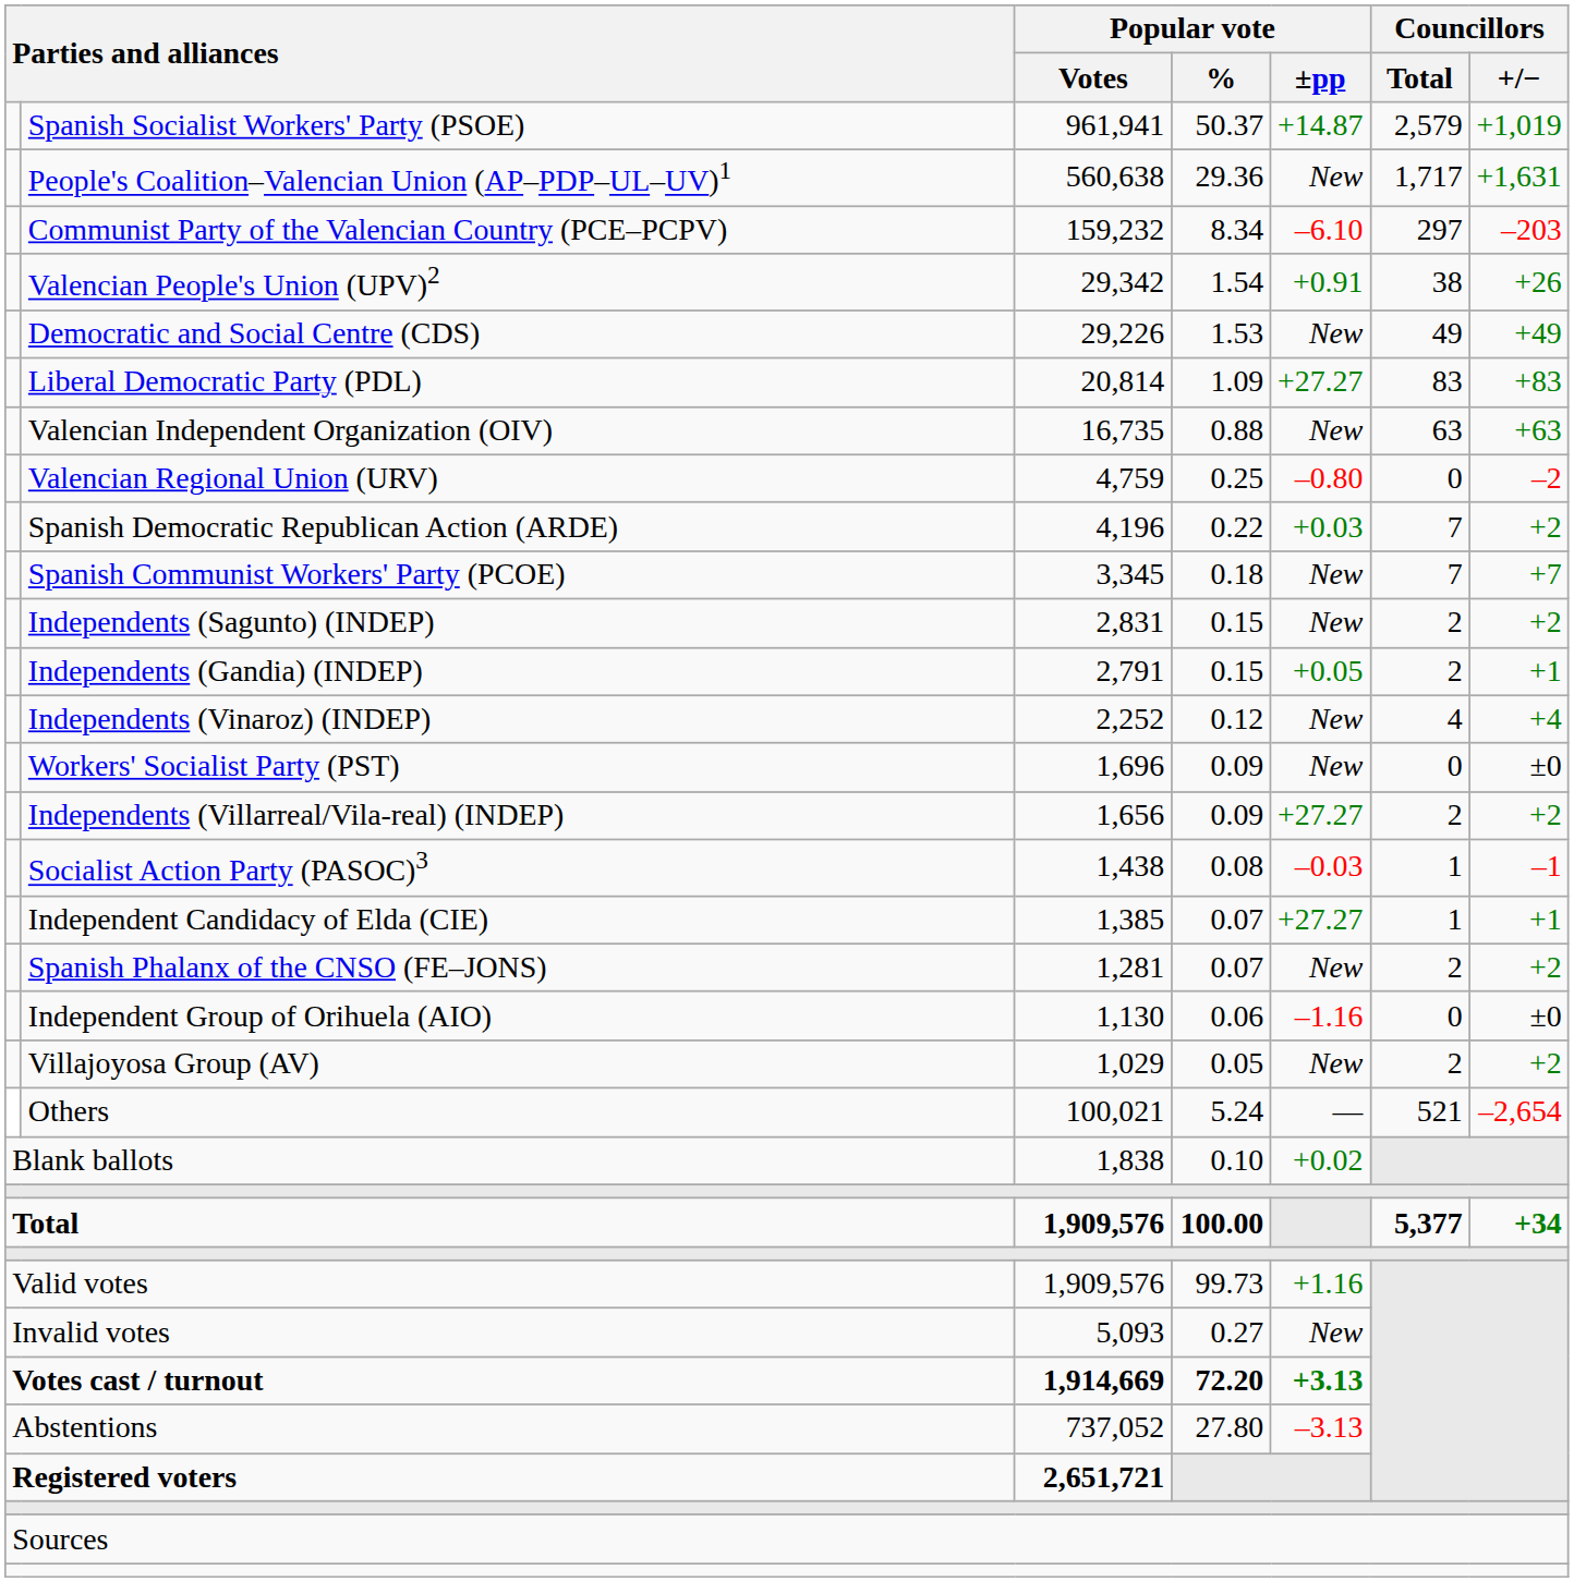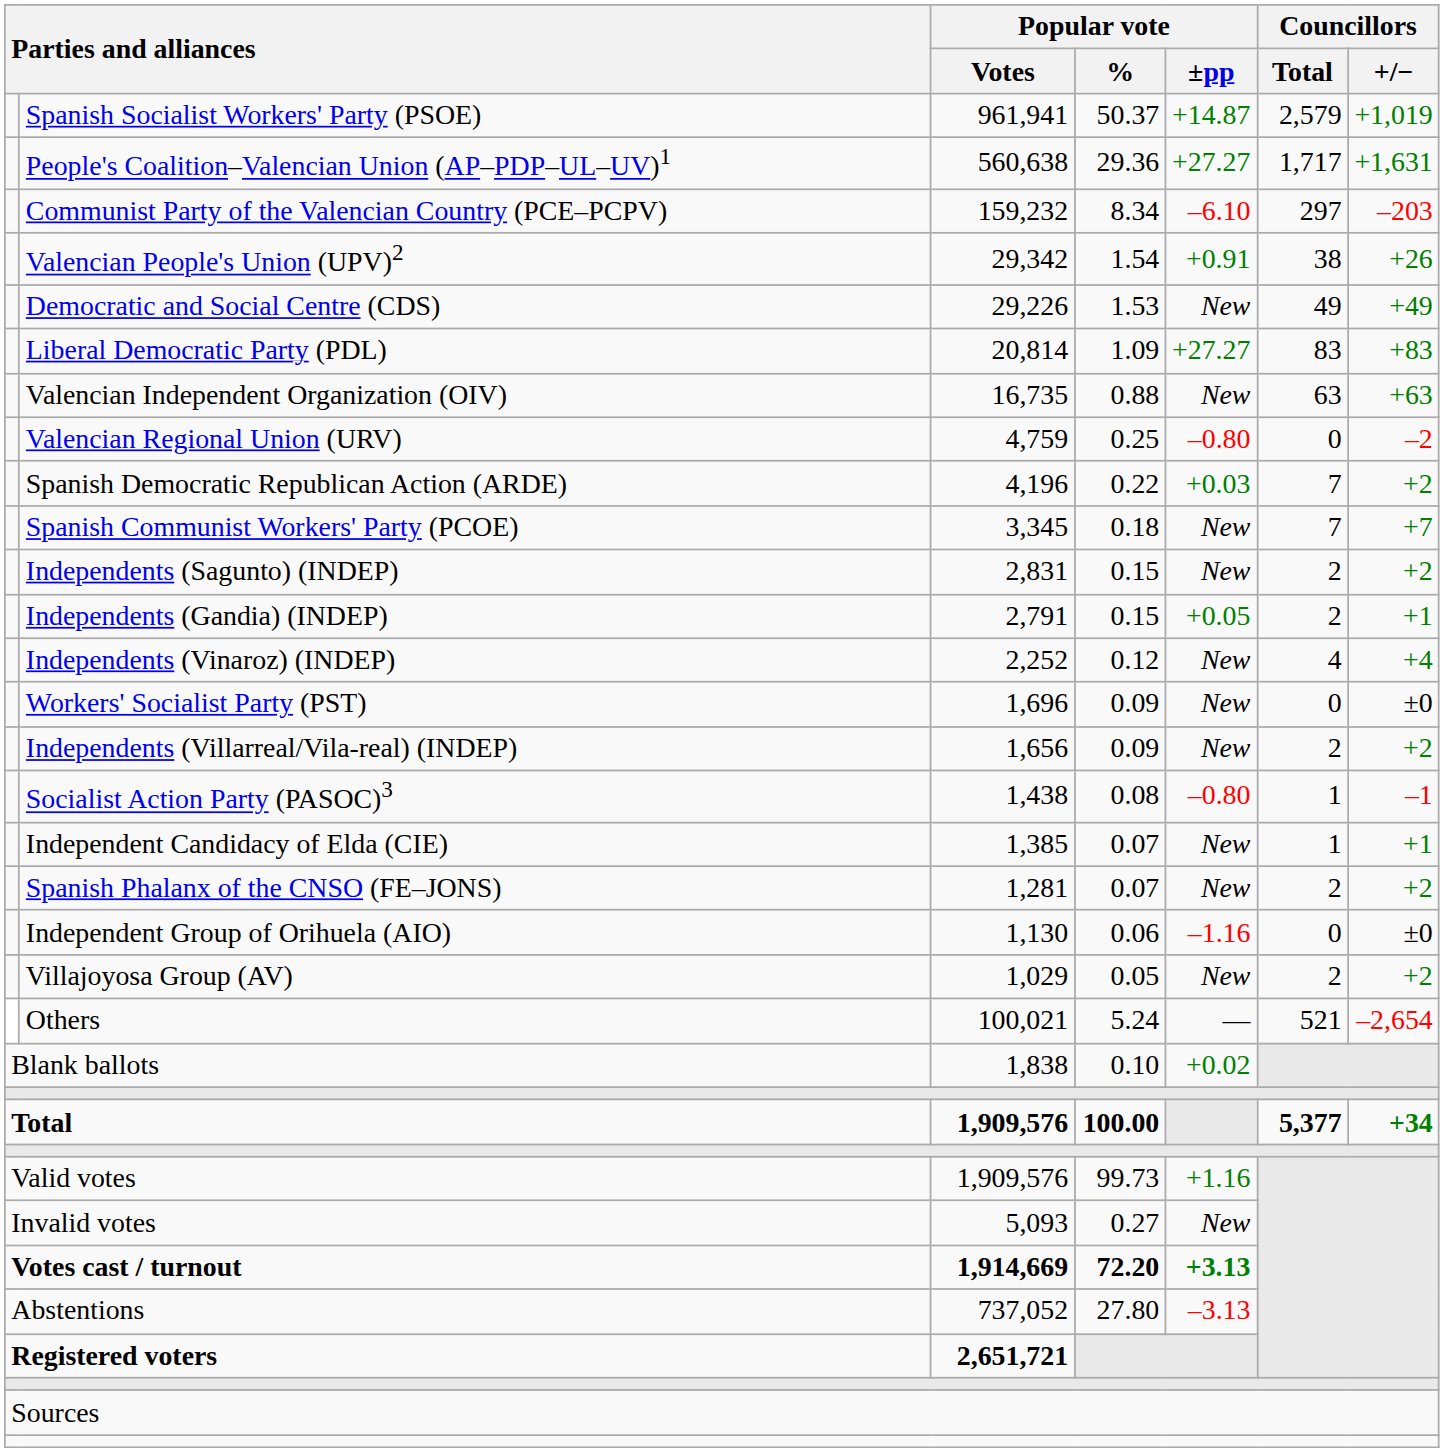 <table class="wikitable" style="text-align:right;">
 <tr>
 <th style="text-align:left;" rowspan="2" colspan="2" width="525">Parties and alliances</th>
 <th colspan="3">Popular vote</th>
 <th colspan="2">Councillors</th>
 </tr>
 <tr>
 <th width="75">Votes</th>
 <th width="45">%</th>
 <th width="45">±<a href='#'>pp</a></th>
 <th width="45">Total</th>
 <th width="45">+/−</th>
 </tr>
 <tr>
 <td width="1" style="color:inherit;background:"></td>
 <td align="left"><a href='#'>Spanish Socialist Workers' Party</a> (PSOE)</td>
 <td>961,941</td>
 <td>50.37</td>
 <td style="color:green;">+14.87</td>
 <td>2,579</td>
 <td style="color:green;">+1,019</td>
 </tr>
 <tr>
 <td style="color:inherit;background:"></td>
 <td align="left"><a href='#'>People's Coalition</a>–<a href='#'>Valencian Union</a> (<a href='#'>AP</a>–<a href='#'>PDP</a>–<a href='#'>UL</a>–<a href='#'>UV</a>)<sup>1</sup></td>
 <td>560,638</td>
 <td>29.36</td>
-<td><em>New</em></td>
+<td style="color:green;">+27.27</td>
 <td>1,717</td>
 <td style="color:green;">+1,631</td>
 </tr>
 <tr>
 <td style="color:inherit;background:"></td>
 <td align="left"><a href='#'>Communist Party of the Valencian Country</a> (PCE–PCPV)</td>
 <td>159,232</td>
 <td>8.34</td>
 <td style="color:red;">–6.10</td>
 <td>297</td>
 <td style="color:red;">–203</td>
 </tr>
 <tr>
 <td style="color:inherit;background:"></td>
 <td align="left"><a href='#'>Valencian People's Union</a> (UPV)<sup>2</sup></td>
 <td>29,342</td>
 <td>1.54</td>
 <td style="color:green;">+0.91</td>
 <td>38</td>
 <td style="color:green;">+26</td>
 </tr>
 <tr>
 <td style="color:inherit;background:"></td>
 <td align="left"><a href='#'>Democratic and Social Centre</a> (CDS)</td>
 <td>29,226</td>
 <td>1.53</td>
 <td><em>New</em></td>
 <td>49</td>
 <td style="color:green;">+49</td>
 </tr>
 <tr>
 <td style="color:inherit;background:"></td>
 <td align="left"><a href='#'>Liberal Democratic Party</a> (PDL)</td>
 <td>20,814</td>
 <td>1.09</td>
 <td style="color:green;">+27.27</td>
 <td>83</td>
 <td style="color:green;">+83</td>
 </tr>
 <tr>
 <td style="color:inherit;background:"></td>
 <td align="left">Valencian Independent Organization (OIV)</td>
 <td>16,735</td>
 <td>0.88</td>
 <td><em>New</em></td>
 <td>63</td>
 <td style="color:green;">+63</td>
 </tr>
 <tr>
 <td style="color:inherit;background:"></td>
 <td align="left"><a href='#'>Valencian Regional Union</a> (URV)</td>
 <td>4,759</td>
 <td>0.25</td>
 <td style="color:red;">–0.80</td>
 <td>0</td>
 <td style="color:red;">–2</td>
 </tr>
 <tr>
 <td style="color:inherit;background:"></td>
 <td align="left">Spanish Democratic Republican Action (ARDE)</td>
 <td>4,196</td>
 <td>0.22</td>
 <td style="color:green;">+0.03</td>
 <td>7</td>
 <td style="color:green;">+2</td>
 </tr>
 <tr>
 <td style="color:inherit;background:"></td>
 <td align="left"><a href='#'>Spanish Communist Workers' Party</a> (PCOE)</td>
 <td>3,345</td>
 <td>0.18</td>
 <td><em>New</em></td>
 <td>7</td>
 <td style="color:green;">+7</td>
 </tr>
 <tr>
 <td style="color:inherit;background:"></td>
 <td align="left"><a href='#'>Independents</a> (Sagunto) (INDEP)</td>
 <td>2,831</td>
 <td>0.15</td>
 <td><em>New</em></td>
 <td>2</td>
 <td style="color:green;">+2</td>
 </tr>
 <tr>
 <td style="color:inherit;background:"></td>
 <td align="left"><a href='#'>Independents</a> (Gandia) (INDEP)</td>
 <td>2,791</td>
 <td>0.15</td>
 <td style="color:green;">+0.05</td>
 <td>2</td>
 <td style="color:green;">+1</td>
 </tr>
 <tr>
 <td style="color:inherit;background:"></td>
 <td align="left"><a href='#'>Independents</a> (Vinaroz) (INDEP)</td>
 <td>2,252</td>
 <td>0.12</td>
 <td><em>New</em></td>
 <td>4</td>
 <td style="color:green;">+4</td>
 </tr>
 <tr>
 <td style="color:inherit;background:"></td>
 <td align="left"><a href='#'>Workers' Socialist Party</a> (PST)</td>
 <td>1,696</td>
 <td>0.09</td>
 <td><em>New</em></td>
 <td>0</td>
 <td>±0</td>
 </tr>
 <tr>
 <td style="color:inherit;background:"></td>
 <td align="left"><a href='#'>Independents</a> (Villarreal/Vila-real) (INDEP)</td>
 <td>1,656</td>
 <td>0.09</td>
-<td style="color:green;">+27.27</td>
+<td><em>New</em></td>
 <td>2</td>
 <td style="color:green;">+2</td>
 </tr>
 <tr>
 <td style="color:inherit;background:"></td>
 <td align="left"><a href='#'>Socialist Action Party</a> (PASOC)<sup>3</sup></td>
 <td>1,438</td>
 <td>0.08</td>
-<td style="color:red;">–0.03</td>
+<td style="color:red;">–0.80</td>
 <td>1</td>
 <td style="color:red;">–1</td>
 </tr>
 <tr>
 <td style="color:inherit;background:"></td>
 <td align="left">Independent Candidacy of Elda (CIE)</td>
 <td>1,385</td>
 <td>0.07</td>
-<td style="color:green;">+27.27</td>
+<td><em>New</em></td>
 <td>1</td>
 <td style="color:green;">+1</td>
 </tr>
 <tr>
 <td style="color:inherit;background:"></td>
 <td align="left"><a href='#'>Spanish Phalanx of the CNSO</a> (FE–JONS)</td>
 <td>1,281</td>
 <td>0.07</td>
 <td><em>New</em></td>
 <td>2</td>
 <td style="color:green;">+2</td>
 </tr>
 <tr>
 <td style="color:inherit;background:"></td>
 <td align="left">Independent Group of Orihuela (AIO)</td>
 <td>1,130</td>
 <td>0.06</td>
 <td style="color:red;">–1.16</td>
 <td>0</td>
 <td>±0</td>
 </tr>
 <tr>
 <td style="color:inherit;background:"></td>
 <td align="left">Villajoyosa Group (AV)</td>
 <td>1,029</td>
 <td>0.05</td>
 <td><em>New</em></td>
 <td>2</td>
 <td style="color:green;">+2</td>
 </tr>
 <tr>
 <td bgcolor="white"></td>
 <td align="left">Others</td>
 <td>100,021</td>
 <td>5.24</td>
 <td>—</td>
 <td>521</td>
 <td style="color:red;">–2,654</td>
 </tr>
 <tr>
 <td align="left" colspan="2">Blank ballots</td>
 <td>1,838</td>
 <td>0.10</td>
 <td style="color:green;">+0.02</td>
 <td bgcolor="#E9E9E9" colspan="2"></td>
 </tr>
 <tr>
 <td colspan="7" bgcolor="#E9E9E9"></td>
 </tr>
 <tr style="font-weight:bold;">
 <td align="left" colspan="2">Total</td>
 <td>1,909,576</td>
 <td>100.00</td>
 <td bgcolor="#E9E9E9"></td>
 <td>5,377</td>
 <td style="color:green;">+34</td>
 </tr>
 <tr>
 <td colspan="7" bgcolor="#E9E9E9"></td>
 </tr>
 <tr>
 <td align="left" colspan="2">Valid votes</td>
 <td>1,909,576</td>
 <td>99.73</td>
 <td style="color:green;">+1.16</td>
 <td bgcolor="#E9E9E9" colspan="2" rowspan="5"></td>
 </tr>
 <tr>
 <td align="left" colspan="2">Invalid votes</td>
 <td>5,093</td>
 <td>0.27</td>
 <td><em>New</em></td>
 </tr>
 <tr style="font-weight:bold;">
 <td align="left" colspan="2">Votes cast / turnout</td>
 <td>1,914,669</td>
 <td>72.20</td>
 <td style="color:green;">+3.13</td>
 </tr>
 <tr>
 <td align="left" colspan="2">Abstentions</td>
 <td>737,052</td>
 <td>27.80</td>
 <td style="color:red;">–3.13</td>
 </tr>
 <tr style="font-weight:bold;">
 <td align="left" colspan="2">Registered voters</td>
 <td>2,651,721</td>
 <td bgcolor="#E9E9E9" colspan="2"></td>
 </tr>
 <tr>
 <td colspan="7" bgcolor="#E9E9E9"></td>
 </tr>
 <tr>
 <td align="left" colspan="7">Sources</td>
 </tr>
 <tr>
 <td colspan="7" style="text-align:left; max-width:790px;"></td>
 </tr>
 </table>
